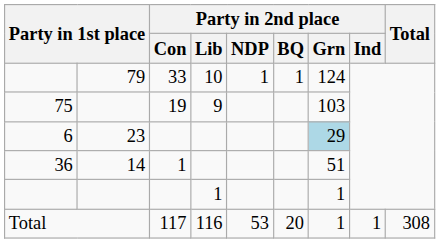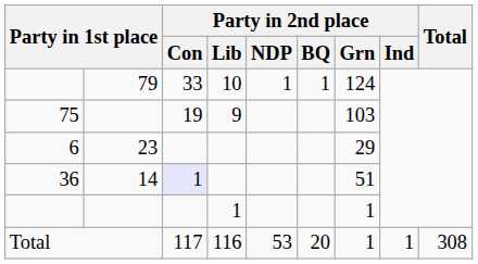 <table class="wikitable" style="text-align:right;">
 <tr>
 <th rowspan="2" colspan="2" style="text-align:left;">Party in 1st place</th>
 <th colspan="6">Party in 2nd place</th>
 <th rowspan="2">Total</th>
 </tr>
 <tr>
 <th>Con</th>
 <th>Lib</th>
 <th>NDP</th>
 <th>BQ</th>
 <th>Grn</th>
 <th>Ind</th>
 </tr>
 <tr>
 <td></td>
 <td>79</td>
 <td>33</td>
 <td>10</td>
 <td>1</td>
 <td>1</td>
 <td>124</td>
 </tr>
 <tr>
 <td>75</td>
 <td></td>
 <td>19</td>
 <td>9</td>
 <td></td>
 <td></td>
 <td>103</td>
 </tr>
 <tr>
 <td>6</td>
 <td>23</td>
 <td></td>
 <td></td>
 <td></td>
 <td></td>
-<td style="background: lightblue;">29</td>
+<td>29</td>
 </tr>
 <tr>
 <td>36</td>
 <td>14</td>
-<td>1</td>
+<td style="background: lavender;">1</td>
 <td></td>
 <td></td>
 <td></td>
 <td>51</td>
 </tr>
 <tr>
 <td></td>
 <td></td>
 <td></td>
 <td>1</td>
 <td></td>
 <td></td>
 <td>1</td>
 </tr>
 <tr>
 <td colspan="2" style="text-align:left;">Total</td>
 <td>117</td>
 <td>116</td>
 <td>53</td>
 <td>20</td>
 <td>1</td>
 <td>1</td>
 <td>308</td>
 </tr>
 </table>
